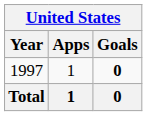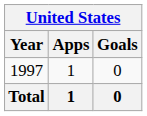 <table class="wikitable" style="text-align:center">
 <tr>
 <th colspan=3><a href='#'>United States</a></th>
 </tr>
 <tr>
 <th>Year</th>
 <th>Apps</th>
 <th>Goals</th>
 </tr>
 <tr>
 <td>1997</td>
 <td>1</td>
-<td><strong>0</strong></td>
+<td>0</td>
 </tr>
 <tr>
 <th>Total</th>
 <th>1</th>
 <th>0</th>
 </tr>
 </table>
